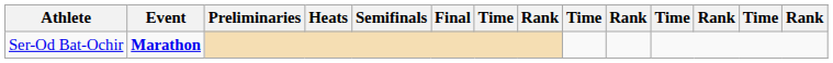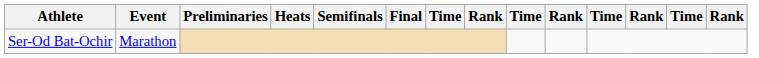 <table class=wikitable style="font-size:90%;">
 <tr>
 <th rowspan="2">Athlete</th>
 <th rowspan="2">Event</th>
 <th rowspan="2">Preliminaries</th>
 <th rowspan="2">Heats</th>
 <th rowspan="2">Semifinals</th>
 <th rowspan="2">Final</th>
 </tr>
 <tr>
 <th>Time</th>
 <th>Rank</th>
 <th>Time</th>
 <th>Rank</th>
 <th>Time</th>
 <th>Rank</th>
 <th>Time</th>
 <th>Rank</th>
 </tr>
 <tr>
 <td><a href='#'>Ser-Od Bat-Ochir</a></td>
-<td><strong><a href='#'>Marathon</a></strong></td>
+<td><a href='#'>Marathon</a></td>
 <td colspan= 6 bgcolor="wheat"></td>
 <td align=center></td>
 <td align=center></td>
 </tr>
 </table>
